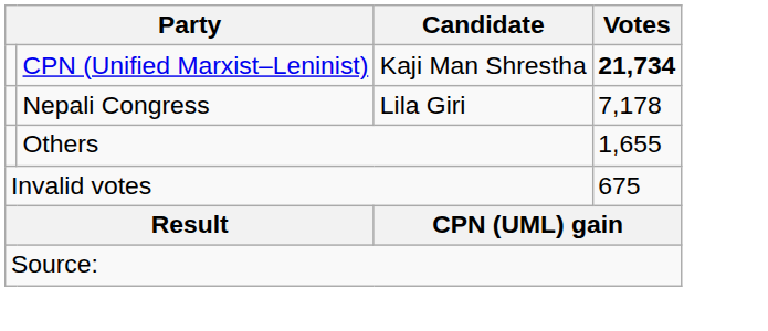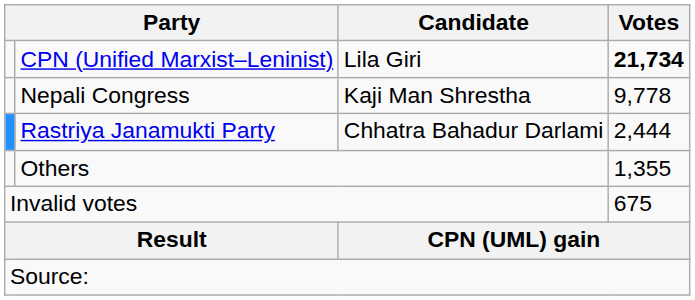 <table class="wikitable">
 <tr>
 <th colspan="2">Party</th>
 <th>Candidate</th>
 <th>Votes</th>
 </tr>
 <tr>
 <td style="background-color:"></td>
 <td><a href='#'>CPN (Unified Marxist–Leninist)</a></td>
-<td>Kaji Man Shrestha</td>
+<td>Lila Giri</td>
 <td><strong>21,734</strong></td>
 </tr>
 <tr>
 <td style="background-color:"></td>
 <td>Nepali Congress</td>
-<td>Lila Giri</td>
-<td>7,178</td>
+<td>Kaji Man Shrestha</td>
+<td>9,778</td>
+</tr>
+<tr>
+<td style="background-color:dodgerblue"></td>
+<td><a href='#'>Rastriya Janamukti Party</a></td>
+<td>Chhatra Bahadur Darlami</td>
+<td>2,444</td>
 </tr>
 <tr>
 <td></td>
 <td colspan="2">Others</td>
-<td>1,655</td>
+<td>1,355</td>
 </tr>
 <tr>
 <td colspan="3">Invalid votes</td>
 <td>675</td>
 </tr>
 <tr>
 <th colspan="2">Result</th>
 <th colspan="2">CPN (UML) gain</th>
 </tr>
 <tr>
 <td colspan="4">Source: </td>
 </tr>
 </table>
